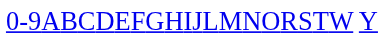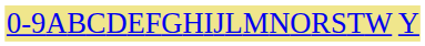 <table id="toc" class="toc" summary="Class">
 <tr>
 <th></th>
 </tr>
 <tr>
-<td style="text-align:center;"><a href='#'>0-9</a><a href='#'>A</a><a href='#'>B</a><a href='#'>C</a><a href='#'>D</a><a href='#'>E</a><a href='#'>F</a><a href='#'>G</a><a href='#'>H</a><a href='#'>I</a><a href='#'>J</a><a href='#'>L</a><a href='#'>M</a><a href='#'>N</a><a href='#'>O</a><a href='#'>R</a><a href='#'>S</a><a href='#'>T</a><a href='#'>W</a> <a href='#'>Y</a></td>
+<td style="background: khaki; text-align:center;"><a href='#'>0-9</a><a href='#'>A</a><a href='#'>B</a><a href='#'>C</a><a href='#'>D</a><a href='#'>E</a><a href='#'>F</a><a href='#'>G</a><a href='#'>H</a><a href='#'>I</a><a href='#'>J</a><a href='#'>L</a><a href='#'>M</a><a href='#'>N</a><a href='#'>O</a><a href='#'>R</a><a href='#'>S</a><a href='#'>T</a><a href='#'>W</a> <a href='#'>Y</a></td>
 </tr>
 </table>
